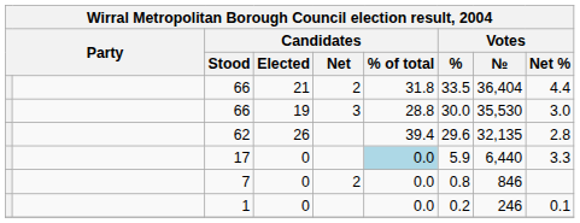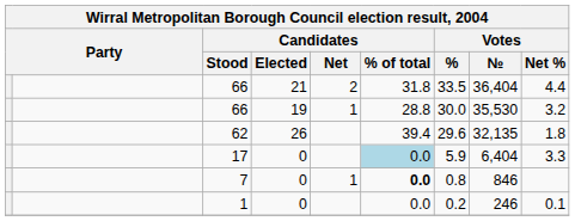 <table class="wikitable" style="font-size:95%">
 <tr>
 <th colspan="16" style="background-color:#f2f2f2">Wirral Metropolitan Borough Council election result, 2004</th>
 </tr>
 <tr style="vertical-align:center;">
 <th colspan="2" rowspan="2">Party</th>
 <th colspan="4" style="width: 30px">Candidates</th>
 <th colspan="3" style="width: 30px">Votes</th>
 </tr>
 <tr>
 <th>Stood</th>
 <th>Elected</th>
 <th style="width: 45px">Net</th>
 <th>% of total</th>
 <th>%</th>
 <th>№</th>
 <th>Net %</th>
 </tr>
 <tr>
 <th style="background-color: "></th>
 <td style="width: 190px"><a href='#'></a></td>
 <td style="text-align:right; ">66</td>
 <td style="text-align:right; ">21</td>
 <td style="text-align:right; "><span>2</span></td>
 <td style="text-align:right; ">31.8</td>
 <td style="text-align:right; ">33.5</td>
 <td style="text-align:right; ">36,404</td>
 <td style="text-align:right; "><span>4.4</span></td>
 </tr>
 <tr>
 <th style="background-color: "></th>
 <td style="width: 190px"><a href='#'></a></td>
 <td style="text-align:right; ">66</td>
 <td style="text-align:right; ">19</td>
-<td style="text-align:right; "><span>3</span></td>
+<td style="text-align:right; "><span>1</span></td>
 <td style="text-align:right; ">28.8</td>
 <td style="text-align:right; ">30.0</td>
 <td style="text-align:right; ">35,530</td>
-<td style="text-align:right; "><span>3.0</span></td>
+<td style="text-align:right; "><span>3.2</span></td>
 </tr>
 <tr>
 <th style="background-color: "></th>
 <td style="width: 190px"><a href='#'></a></td>
 <td style="text-align:right; ">62</td>
 <td style="text-align:right; ">26</td>
 <td style="text-align:right; "></td>
 <td style="text-align:right; ">39.4</td>
 <td style="text-align:right; ">29.6</td>
 <td style="text-align:right; ">32,135</td>
-<td style="text-align:right; "><span>2.8</span></td>
+<td style="text-align:right; "><span>1.8</span></td>
 </tr>
 <tr>
 <th style="background-color: "></th>
 <td style="width: 190px"><a href='#'></a></td>
 <td style="text-align:right; ">17</td>
 <td style="text-align:right; ">0</td>
 <td style="text-align:right; "></td>
 <td style="background: lightblue; text-align:right; ">0.0</td>
 <td style="text-align:right; ">5.9</td>
-<td style="text-align:right; ">6,440</td>
+<td style="text-align:right; ">6,404</td>
 <td style="text-align:right; "><span>3.3</span></td>
 </tr>
 <tr>
 <th style="background-color: "></th>
 <td style="width: 190px"><a href='#'></a></td>
 <td style="text-align:right; ">7</td>
 <td style="text-align:right; ">0</td>
-<td style="text-align:right; "><span>2</span></td>
-<td style="text-align:right; ">0.0</td>
+<td style="text-align:right; "><span>1</span></td>
+<td style="text-align:right; "><strong>0.0</strong></td>
 <td style="text-align:right; ">0.8</td>
 <td style="text-align:right; ">846</td>
 <td style="text-align:right; "></td>
 </tr>
 <tr>
 <th style="background-color: "></th>
 <td style="width: 190px"><a href='#'></a></td>
 <td style="text-align:right; ">1</td>
 <td style="text-align:right; ">0</td>
 <td style="text-align:right; "></td>
 <td style="text-align:right; ">0.0</td>
 <td style="text-align:right; ">0.2</td>
 <td style="text-align:right; ">246</td>
 <td style="text-align:right; "><span>0.1</span></td>
 </tr>
 <tr>
 </tr>
 </table>
